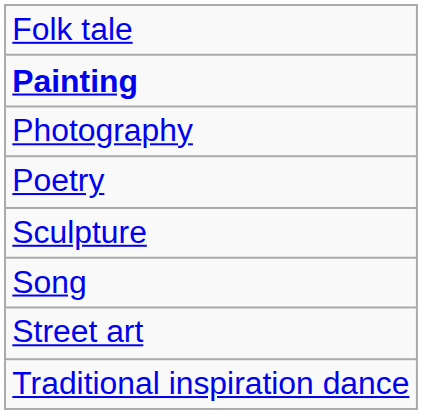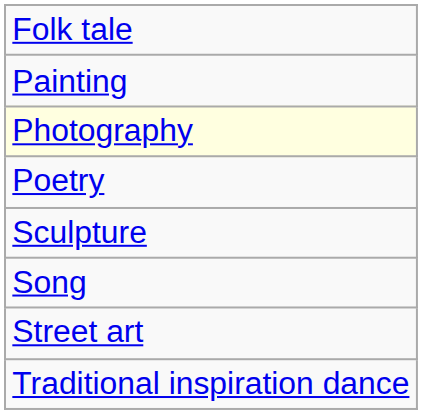 <table class="wikitable">
 <tr>
 <td><a href='#'>Folk tale</a></td>
 </tr>
 <tr>
-<td><strong><a href='#'>Painting</a></strong></td>
+<td><a href='#'>Painting</a></td>
 </tr>
 <tr>
-<td><a href='#'>Photography</a></td>
+<td style="background: lightyellow;"><a href='#'>Photography</a></td>
 </tr>
 <tr>
 <td><a href='#'>Poetry</a></td>
 </tr>
 <tr>
 <td><a href='#'>Sculpture</a></td>
 </tr>
 <tr>
 <td><a href='#'>Song</a></td>
 </tr>
 <tr>
 <td><a href='#'>Street art</a></td>
 </tr>
 <tr>
 <td><a href='#'>Traditional inspiration dance</a></td>
 </tr>
 </table>
